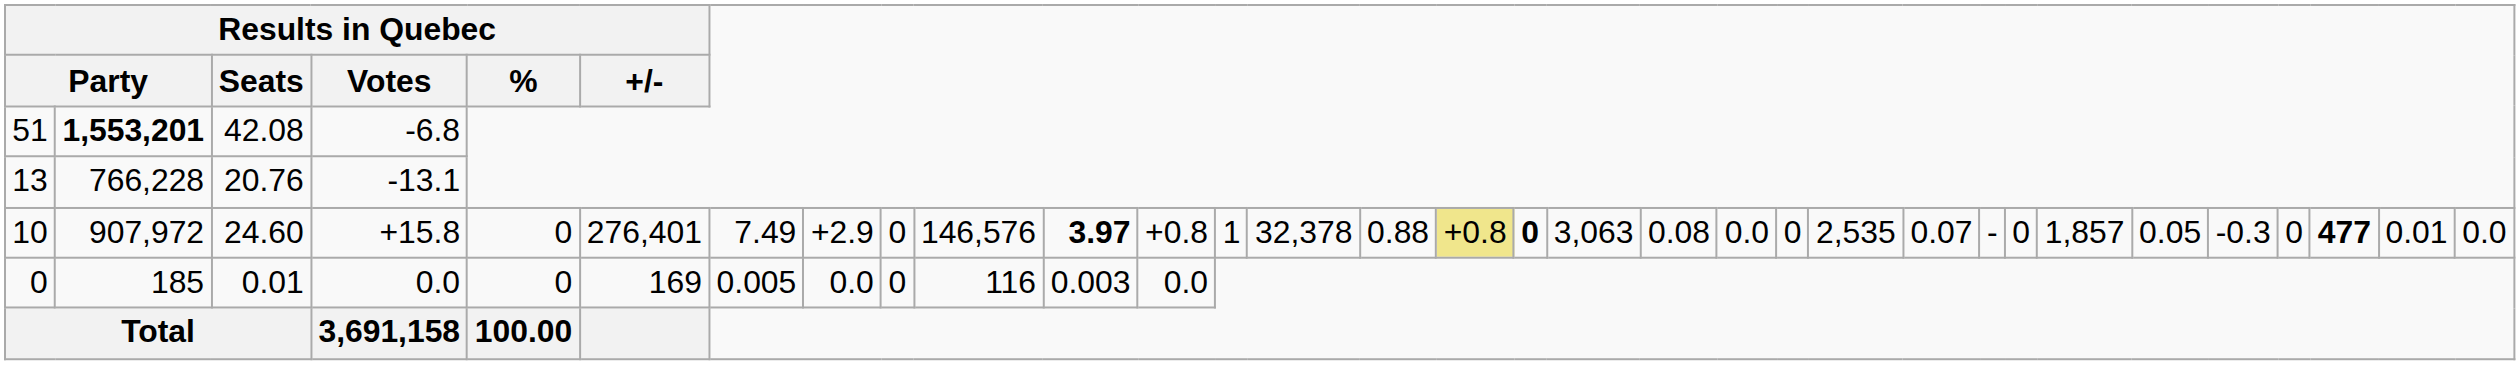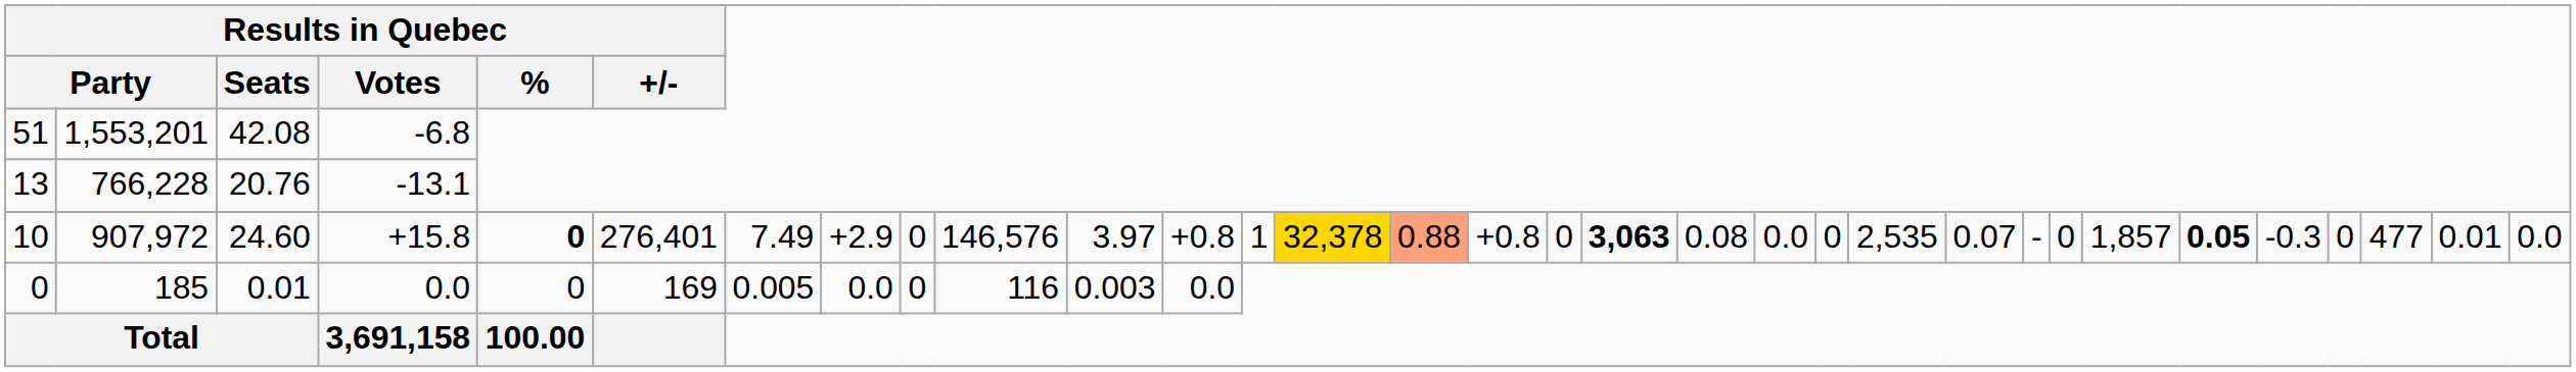 <table class="wikitable">
 <tr>
 <th align="center" colspan=6>Results in Quebec</th>
 </tr>
 <tr>
 <th align="centre" colspan=2>Party</th>
 <th align="right">Seats</th>
 <th align="right">Votes</th>
 <th align="right">%</th>
 <th align="right">+/-</th>
 </tr>
 <tr>
 <td align="right">51</td>
-<td align="right"><strong>1,553,201</strong></td>
+<td align="right">1,553,201</td>
 <td align="right">42.08</td>
 <td align="right">-6.8</td>
 </tr>
 <tr>
 <td align="right">13</td>
 <td align="right">766,228</td>
 <td align="right">20.76</td>
 <td align="right">-13.1</td>
 </tr>
 <tr>
 <td align="right">10</td>
 <td align="right">907,972</td>
 <td align="right">24.60</td>
 <td align="right">+15.8<br></td>
-<td align="right">0</td>
+<td align="right"><strong>0</strong></td>
 <td align="right">276,401</td>
 <td align="right">7.49</td>
 <td align="right">+2.9<br></td>
 <td align="right">0</td>
 <td align="right">146,576</td>
-<td align="right"><strong>3.97</strong></td>
+<td align="right">3.97</td>
 <td align="right">+0.8<br></td>
 <td align="right">1</td>
-<td align="right">32,378</td>
-<td align="right">0.88</td>
-<td align="right" style="background: khaki;">+0.8<br></td>
-<td align="right"><strong>0</strong></td>
-<td align="right">3,063</td>
+<td align="right" style="background: gold;">32,378</td>
+<td align="right" style="background: lightsalmon;">0.88</td>
+<td align="right">+0.8<br></td>
+<td align="right">0</td>
+<td align="right"><strong>3,063</strong></td>
 <td align="right">0.08</td>
 <td align="right">0.0<br></td>
 <td align="right">0</td>
 <td align="right">2,535</td>
 <td align="right">0.07</td>
 <td align="right">-<br></td>
 <td align="right">0</td>
 <td align="right">1,857</td>
-<td align="right">0.05</td>
+<td align="right"><strong>0.05</strong></td>
 <td align="right">-0.3<br></td>
 <td align="right">0</td>
-<td align="right"><strong>477</strong></td>
+<td align="right">477</td>
 <td align="right">0.01</td>
 <td align="right">0.0</td>
 </tr>
 <tr>
 <td align="right">0</td>
 <td align="right">185</td>
 <td align="right">0.01</td>
 <td align="right">0.0<br></td>
 <td align="right">0</td>
 <td align="right">169</td>
 <td align="right">0.005</td>
 <td align="right">0.0<br></td>
 <td align="right">0</td>
 <td align="right">116</td>
 <td align="right">0.003</td>
 <td align="right">0.0</td>
 </tr>
 <tr bgcolor="white">
 <th align="left" colspan=3>Total</th>
 <th align="right">3,691,158</th>
 <th align="right">100.00</th>
 <th align="right"></th>
 </tr>
 </table>
